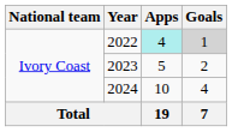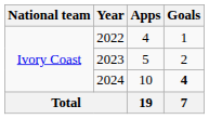 <table class="wikitable" style="text-align:center">
 <tr>
 <th>National team</th>
 <th>Year</th>
 <th>Apps</th>
 <th>Goals</th>
 </tr>
 <tr>
 <td rowspan="3"><a href='#'>Ivory Coast</a></td>
 <td>2022</td>
-<td style="background: paleturquoise;">4</td>
-<td style="background: lightgrey;">1</td>
+<td>4</td>
+<td>1</td>
 </tr>
 <tr>
 <td>2023</td>
 <td>5</td>
 <td>2</td>
 </tr>
 <tr>
 <td>2024</td>
 <td>10</td>
-<td>4</td>
+<td><strong>4</strong></td>
 </tr>
 <tr>
 <th colspan="2">Total</th>
 <th>19</th>
 <th>7</th>
 </tr>
 </table>
